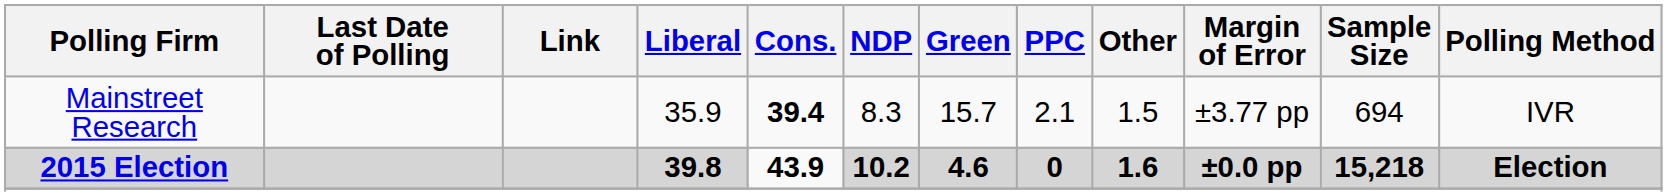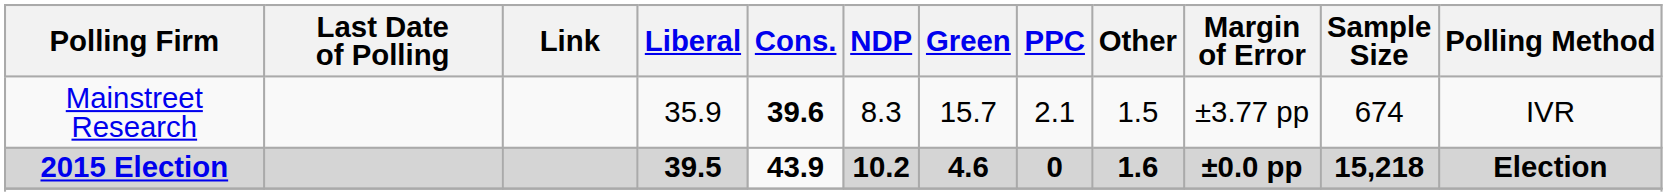 <table class="wikitable sortable" style="text-align:center;font-size:90%;line-height:14px;">
 <tr style="background:#e9e9e9;">
 <th style="width:120px">Polling Firm</th>
 <th style="width:110px">Last Date<br>of Polling</th>
 <th style="width:60px" class="unsortable">Link</th>
 <th style="background-color:"><strong><a href='#'>Liberal</a></strong></th>
 <th style="background-color:"><strong><a href='#'>Cons.</a></strong></th>
 <th style="background-color:"><strong><a href='#'>NDP</a></strong></th>
 <th style="background-color:"><strong><a href='#'>Green</a></strong></th>
 <th style="background-color:"><strong><a href='#'>PPC</a></strong></th>
 <th style="background-color:"><strong>Other</strong></th>
 <th style="width:60px;" class="unsortable">Margin<br>of Error</th>
 <th style="width:50px;" class="unsortable">Sample<br>Size</th>
 <th class="unsortable">Polling Method</th>
 </tr>
 <tr>
 <td><a href='#'>Mainstreet Research</a></td>
 <td></td>
 <td></td>
 <td>35.9</td>
-<td><strong>39.4</strong></td>
+<td><strong>39.6</strong></td>
 <td>8.3</td>
 <td>15.7</td>
 <td>2.1</td>
 <td>1.5</td>
 <td>±3.77 pp</td>
-<td>694</td>
+<td>674</td>
 <td>IVR</td>
 </tr>
 <tr>
 <td style="background:#D5D5D5"><strong><a href='#'>2015 Election</a></strong></td>
 <td style="background:#D5D5D5"><strong></strong></td>
 <td style="background:#D5D5D5"></td>
-<td style="background:#D5D5D5"><strong>39.8</strong></td>
+<td style="background:#D5D5D5"><strong>39.5</strong></td>
 <td><strong>43.9</strong></td>
 <td style="background:#D5D5D5"><strong>10.2</strong></td>
 <td style="background:#D5D5D5"><strong>4.6</strong></td>
 <td style="background:#D5D5D5"><strong>0</strong></td>
 <td style="background:#D5D5D5"><strong>1.6</strong></td>
 <td style="background:#D5D5D5"><strong>±0.0 pp</strong></td>
 <td style="background:#D5D5D5"><strong>15,218</strong></td>
 <td style="background:#D5D5D5"><strong>Election</strong></td>
 </tr>
 <tr>
 </tr>
 <tr>
 </tr>
 </table>
